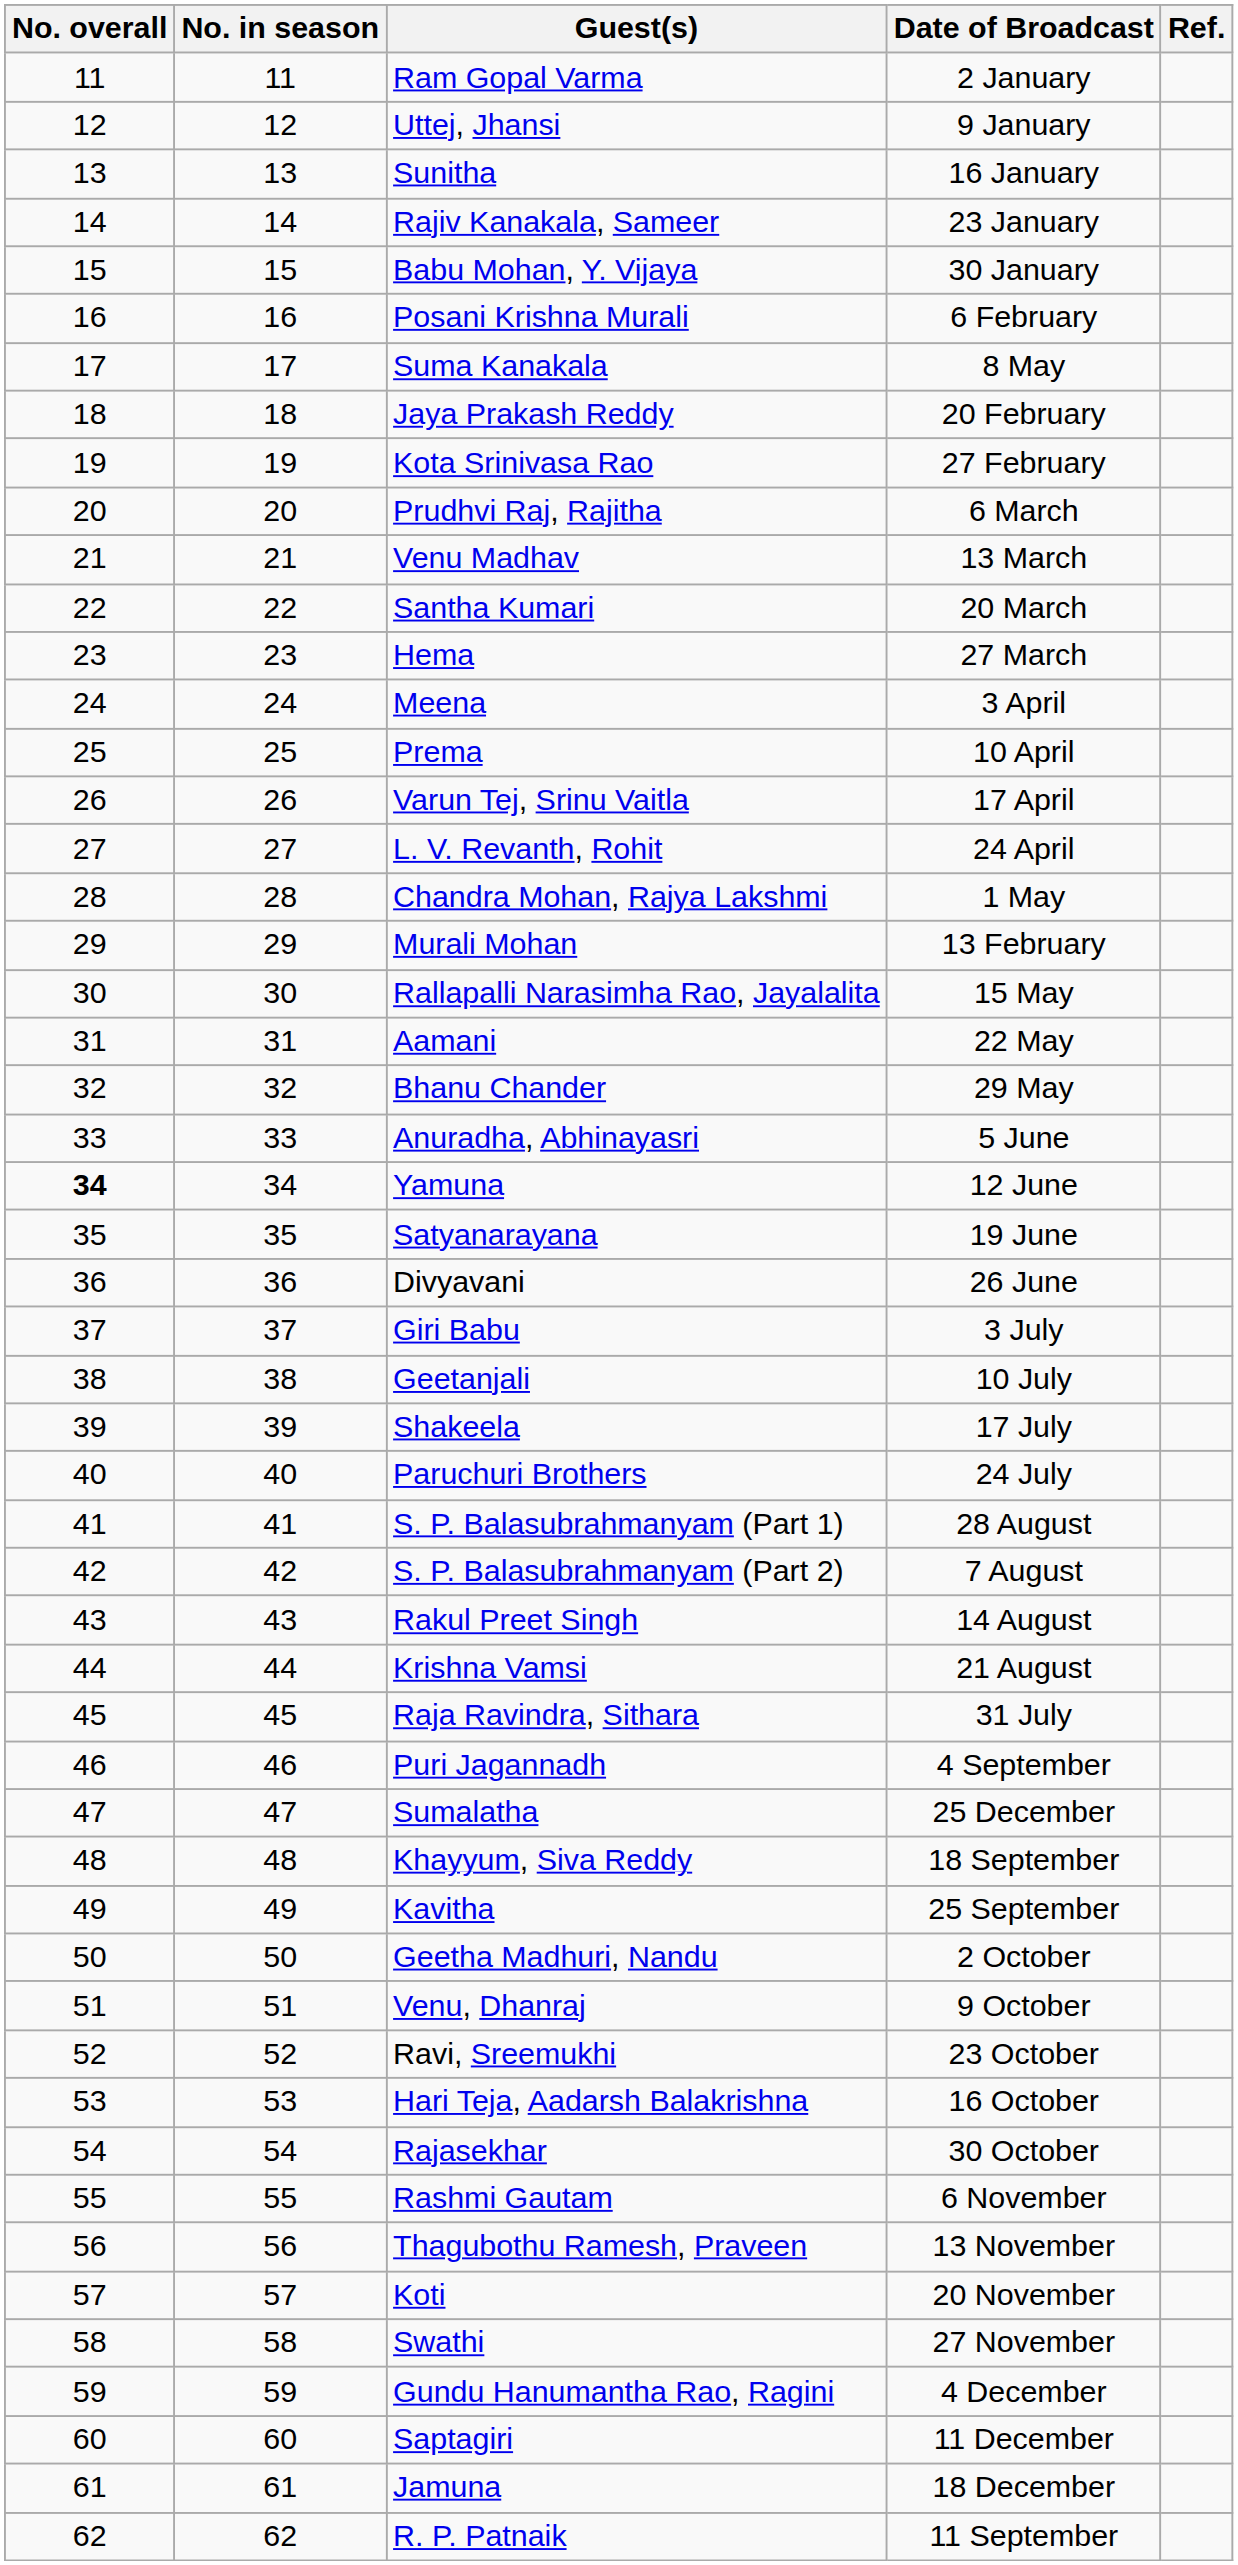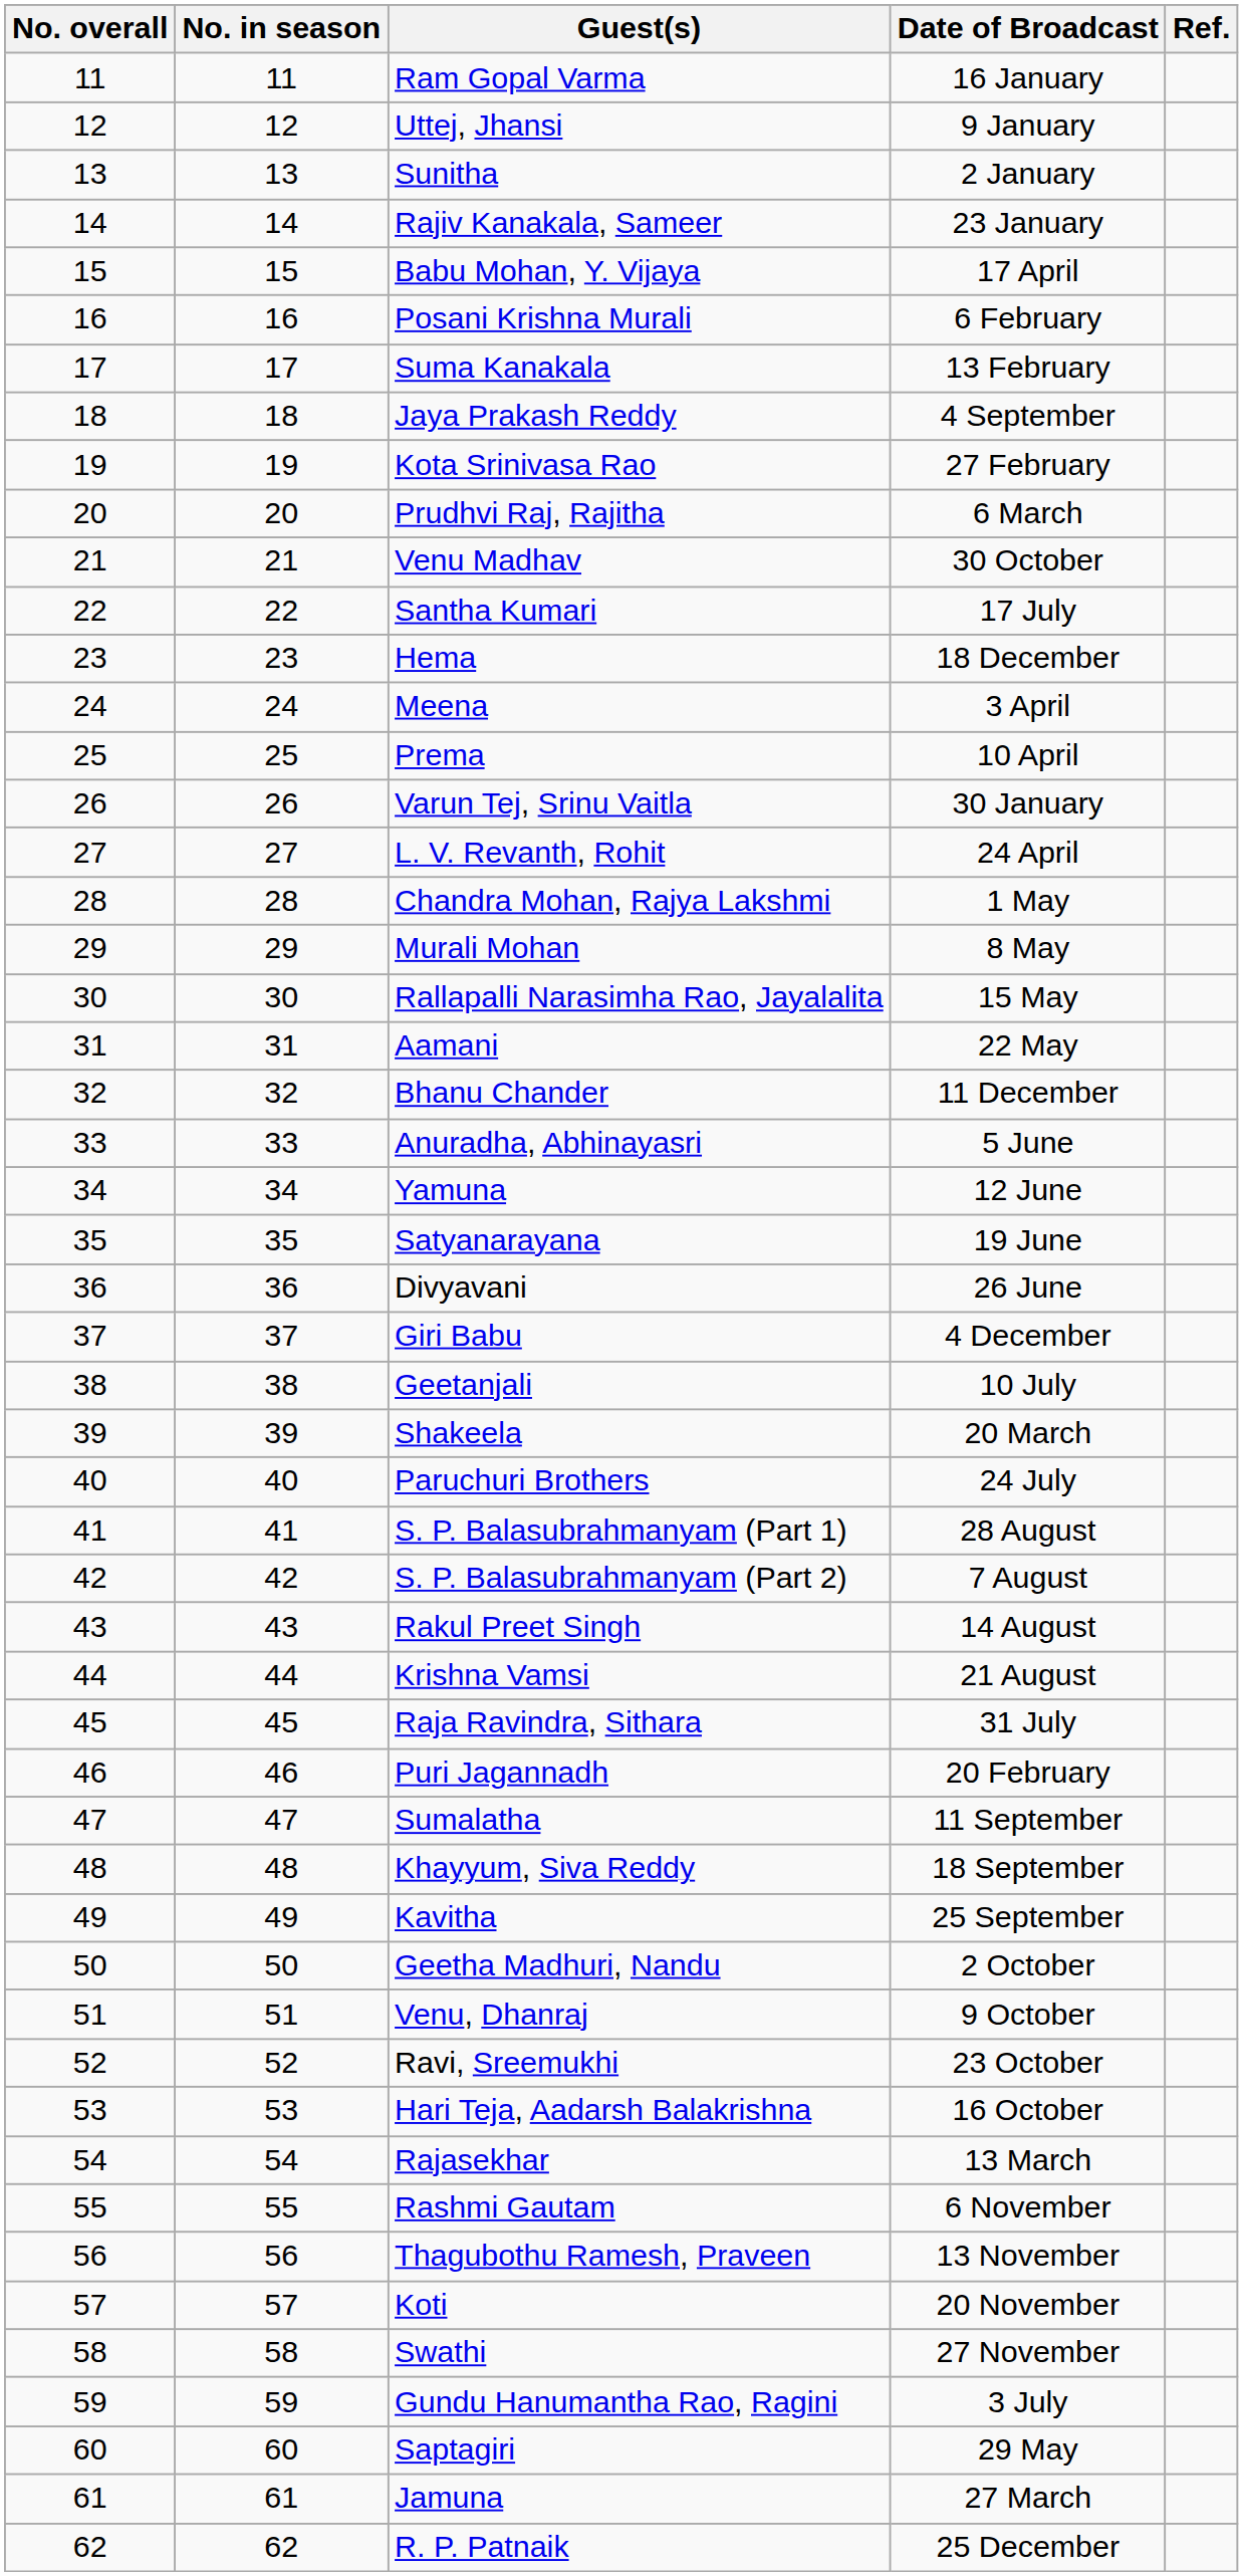 <table class="wikitable sortable">
 <tr>
 <th>No. overall</th>
 <th>No. in season</th>
 <th>Guest(s)</th>
 <th>Date of Broadcast</th>
 <th>Ref.</th>
 </tr>
 <tr>
 <td style="text-align:center;">11</td>
 <td style="text-align:center;">11</td>
 <td><a href='#'>Ram Gopal Varma</a></td>
-<td style="text-align:center;">2 January</td>
+<td style="text-align:center;">16 January</td>
 <td></td>
 </tr>
 <tr>
 <td style="text-align:center;">12</td>
 <td style="text-align:center;">12</td>
 <td><a href='#'>Uttej</a>, <a href='#'>Jhansi</a></td>
 <td style="text-align:center;">9 January</td>
 <td></td>
 </tr>
 <tr>
 <td style="text-align:center;">13</td>
 <td style="text-align:center;">13</td>
 <td><a href='#'>Sunitha</a></td>
-<td style="text-align:center;">16 January</td>
+<td style="text-align:center;">2 January</td>
 <td></td>
 </tr>
 <tr>
 <td style="text-align:center;">14</td>
 <td style="text-align:center;">14</td>
 <td><a href='#'>Rajiv Kanakala</a>, <a href='#'>Sameer</a></td>
 <td style="text-align:center;">23 January</td>
 <td></td>
 </tr>
 <tr>
 <td style="text-align:center;">15</td>
 <td style="text-align:center;">15</td>
 <td><a href='#'>Babu Mohan</a>, <a href='#'>Y. Vijaya</a></td>
-<td style="text-align:center;">30 January</td>
+<td style="text-align:center;">17 April</td>
 <td></td>
 </tr>
 <tr>
 <td style="text-align:center;">16</td>
 <td style="text-align:center;">16</td>
 <td><a href='#'>Posani Krishna Murali</a></td>
 <td style="text-align:center;">6 February</td>
 <td></td>
 </tr>
 <tr>
 <td style="text-align:center;">17</td>
 <td style="text-align:center;">17</td>
 <td><a href='#'>Suma Kanakala</a></td>
-<td style="text-align:center;">8 May</td>
+<td style="text-align:center;">13 February</td>
 <td></td>
 </tr>
 <tr>
 <td style="text-align:center;">18</td>
 <td style="text-align:center;">18</td>
 <td><a href='#'>Jaya Prakash Reddy</a></td>
-<td style="text-align:center;">20 February</td>
+<td style="text-align:center;">4 September</td>
 <td></td>
 </tr>
 <tr>
 <td style="text-align:center;">19</td>
 <td style="text-align:center;">19</td>
 <td><a href='#'>Kota Srinivasa Rao</a></td>
 <td style="text-align:center;">27 February</td>
 <td></td>
 </tr>
 <tr>
 <td style="text-align:center;">20</td>
 <td style="text-align:center;">20</td>
 <td><a href='#'>Prudhvi Raj</a>, <a href='#'>Rajitha</a></td>
 <td style="text-align:center;">6 March</td>
 <td></td>
 </tr>
 <tr>
 <td style="text-align:center;">21</td>
 <td style="text-align:center;">21</td>
 <td><a href='#'>Venu Madhav</a></td>
-<td style="text-align:center;">13 March</td>
+<td style="text-align:center;">30 October</td>
 <td></td>
 </tr>
 <tr>
 <td style="text-align:center;">22</td>
 <td style="text-align:center;">22</td>
 <td><a href='#'>Santha Kumari</a></td>
-<td style="text-align:center;">20 March</td>
+<td style="text-align:center;">17 July</td>
 <td></td>
 </tr>
 <tr>
 <td style="text-align:center;">23</td>
 <td style="text-align:center;">23</td>
 <td><a href='#'>Hema</a></td>
-<td style="text-align:center;">27 March</td>
+<td style="text-align:center;">18 December</td>
 <td></td>
 </tr>
 <tr>
 <td style="text-align:center;">24</td>
 <td style="text-align:center;">24</td>
 <td><a href='#'>Meena</a></td>
 <td style="text-align:center;">3 April</td>
 <td></td>
 </tr>
 <tr>
 <td style="text-align:center;">25</td>
 <td style="text-align:center;">25</td>
 <td><a href='#'>Prema</a></td>
 <td style="text-align:center;">10 April</td>
 <td></td>
 </tr>
 <tr>
 <td style="text-align:center;">26</td>
 <td style="text-align:center;">26</td>
 <td><a href='#'>Varun Tej</a>, <a href='#'>Srinu Vaitla</a></td>
-<td style="text-align:center;">17 April</td>
+<td style="text-align:center;">30 January</td>
 <td></td>
 </tr>
 <tr>
 <td style="text-align:center;">27</td>
 <td style="text-align:center;">27</td>
 <td><a href='#'>L. V. Revanth</a>, <a href='#'>Rohit</a></td>
 <td style="text-align:center;">24 April</td>
 <td></td>
 </tr>
 <tr>
 <td style="text-align:center;">28</td>
 <td style="text-align:center;">28</td>
 <td><a href='#'>Chandra Mohan</a>, <a href='#'>Rajya Lakshmi</a></td>
 <td style="text-align:center;">1 May</td>
 <td></td>
 </tr>
 <tr>
 <td style="text-align:center;">29</td>
 <td style="text-align:center;">29</td>
 <td><a href='#'>Murali Mohan</a></td>
-<td style="text-align:center;">13 February</td>
+<td style="text-align:center;">8 May</td>
 <td></td>
 </tr>
 <tr>
 <td style="text-align:center;">30</td>
 <td style="text-align:center;">30</td>
 <td><a href='#'>Rallapalli Narasimha Rao</a>, <a href='#'>Jayalalita</a></td>
 <td style="text-align:center;">15 May</td>
 <td></td>
 </tr>
 <tr>
 <td style="text-align:center;">31</td>
 <td style="text-align:center;">31</td>
 <td><a href='#'>Aamani</a></td>
 <td style="text-align:center;">22 May</td>
 <td></td>
 </tr>
 <tr>
 <td style="text-align:center;">32</td>
 <td style="text-align:center;">32</td>
 <td><a href='#'>Bhanu Chander</a></td>
-<td style="text-align:center;">29 May</td>
+<td style="text-align:center;">11 December</td>
 <td></td>
 </tr>
 <tr>
 <td style="text-align:center;">33</td>
 <td style="text-align:center;">33</td>
 <td><a href='#'>Anuradha</a>, <a href='#'>Abhinayasri</a></td>
 <td style="text-align:center;">5 June</td>
 <td></td>
 </tr>
 <tr>
-<td style="text-align:center;"><strong>34</strong></td>
+<td style="text-align:center;">34</td>
 <td style="text-align:center;">34</td>
 <td><a href='#'>Yamuna</a></td>
 <td style="text-align:center;">12 June</td>
 <td></td>
 </tr>
 <tr>
 <td style="text-align:center;">35</td>
 <td style="text-align:center;">35</td>
 <td><a href='#'>Satyanarayana</a></td>
 <td style="text-align:center;">19 June</td>
 <td></td>
 </tr>
 <tr>
 <td style="text-align:center;">36</td>
 <td style="text-align:center;">36</td>
 <td>Divyavani</td>
 <td style="text-align:center;">26 June</td>
 <td></td>
 </tr>
 <tr>
 <td style="text-align:center;">37</td>
 <td style="text-align:center;">37</td>
 <td><a href='#'>Giri Babu</a></td>
-<td style="text-align:center;">3 July</td>
+<td style="text-align:center;">4 December</td>
 <td></td>
 </tr>
 <tr>
 <td style="text-align:center;">38</td>
 <td style="text-align:center;">38</td>
 <td><a href='#'>Geetanjali</a></td>
 <td style="text-align:center;">10 July</td>
 <td></td>
 </tr>
 <tr>
 <td style="text-align:center;">39</td>
 <td style="text-align:center;">39</td>
 <td><a href='#'>Shakeela</a></td>
-<td style="text-align:center;">17 July</td>
+<td style="text-align:center;">20 March</td>
 <td></td>
 </tr>
 <tr>
 <td style="text-align:center;">40</td>
 <td style="text-align:center;">40</td>
 <td><a href='#'>Paruchuri Brothers</a></td>
 <td style="text-align:center;">24 July</td>
 <td></td>
 </tr>
 <tr>
 <td style="text-align:center;">41</td>
 <td style="text-align:center;">41</td>
 <td><a href='#'>S. P. Balasubrahmanyam</a> (Part 1)</td>
 <td style="text-align:center;">28 August</td>
 <td></td>
 </tr>
 <tr>
 <td style="text-align:center;">42</td>
 <td style="text-align:center;">42</td>
 <td><a href='#'>S. P. Balasubrahmanyam</a> (Part 2)</td>
 <td style="text-align:center;">7 August</td>
 <td></td>
 </tr>
 <tr>
 <td style="text-align:center;">43</td>
 <td style="text-align:center;">43</td>
 <td><a href='#'>Rakul Preet Singh</a></td>
 <td style="text-align:center;">14 August</td>
 <td></td>
 </tr>
 <tr>
 <td style="text-align:center;">44</td>
 <td style="text-align:center;">44</td>
 <td><a href='#'>Krishna Vamsi</a></td>
 <td style="text-align:center;">21 August</td>
 <td></td>
 </tr>
 <tr>
 <td style="text-align:center;">45</td>
 <td style="text-align:center;">45</td>
 <td><a href='#'>Raja Ravindra</a>, <a href='#'>Sithara</a></td>
 <td style="text-align:center;">31 July</td>
 <td></td>
 </tr>
 <tr>
 <td style="text-align:center;">46</td>
 <td style="text-align:center;">46</td>
 <td><a href='#'>Puri Jagannadh</a></td>
-<td style="text-align:center;">4 September</td>
+<td style="text-align:center;">20 February</td>
 <td></td>
 </tr>
 <tr>
 <td style="text-align:center;">47</td>
 <td style="text-align:center;">47</td>
 <td><a href='#'>Sumalatha</a></td>
-<td style="text-align:center;">25 December</td>
+<td style="text-align:center;">11 September</td>
 <td></td>
 </tr>
 <tr>
 <td style="text-align:center;">48</td>
 <td style="text-align:center;">48</td>
 <td><a href='#'>Khayyum</a>, <a href='#'>Siva Reddy</a></td>
 <td style="text-align:center;">18 September</td>
 <td></td>
 </tr>
 <tr>
 <td style="text-align:center;">49</td>
 <td style="text-align:center;">49</td>
 <td><a href='#'>Kavitha</a></td>
 <td style="text-align:center;">25 September</td>
 <td></td>
 </tr>
 <tr>
 <td style="text-align:center;">50</td>
 <td style="text-align:center;">50</td>
 <td><a href='#'>Geetha Madhuri</a>, <a href='#'>Nandu</a></td>
 <td style="text-align:center;">2 October</td>
 <td></td>
 </tr>
 <tr>
 <td style="text-align:center;">51</td>
 <td style="text-align:center;">51</td>
 <td><a href='#'>Venu</a>, <a href='#'>Dhanraj</a></td>
 <td style="text-align:center;">9 October</td>
 <td></td>
 </tr>
 <tr>
 <td style="text-align:center;">52</td>
 <td style="text-align:center;">52</td>
 <td>Ravi, <a href='#'>Sreemukhi</a></td>
 <td style="text-align:center;">23 October</td>
 <td></td>
 </tr>
 <tr>
 <td style="text-align:center;">53</td>
 <td style="text-align:center;">53</td>
 <td><a href='#'>Hari Teja</a>, <a href='#'>Aadarsh Balakrishna</a></td>
 <td style="text-align:center;">16 October</td>
 <td></td>
 </tr>
 <tr>
 <td style="text-align:center;">54</td>
 <td style="text-align:center;">54</td>
 <td><a href='#'>Rajasekhar</a></td>
-<td style="text-align:center;">30 October</td>
+<td style="text-align:center;">13 March</td>
 <td></td>
 </tr>
 <tr>
 <td style="text-align:center;">55</td>
 <td style="text-align:center;">55</td>
 <td><a href='#'>Rashmi Gautam</a></td>
 <td style="text-align:center;">6 November</td>
 <td></td>
 </tr>
 <tr>
 <td style="text-align:center;">56</td>
 <td style="text-align:center;">56</td>
 <td><a href='#'>Thagubothu Ramesh</a>, <a href='#'>Praveen</a></td>
 <td style="text-align:center;">13 November</td>
 <td></td>
 </tr>
 <tr>
 <td style="text-align:center;">57</td>
 <td style="text-align:center;">57</td>
 <td><a href='#'>Koti</a></td>
 <td style="text-align:center;">20 November</td>
 <td></td>
 </tr>
 <tr>
 <td style="text-align:center;">58</td>
 <td style="text-align:center;">58</td>
 <td><a href='#'>Swathi</a></td>
 <td style="text-align:center;">27 November</td>
 <td></td>
 </tr>
 <tr>
 <td style="text-align:center;">59</td>
 <td style="text-align:center;">59</td>
 <td><a href='#'>Gundu Hanumantha Rao</a>, <a href='#'>Ragini</a></td>
-<td style="text-align:center;">4 December</td>
+<td style="text-align:center;">3 July</td>
 <td></td>
 </tr>
 <tr>
 <td style="text-align:center;">60</td>
 <td style="text-align:center;">60</td>
 <td><a href='#'>Saptagiri</a></td>
-<td style="text-align:center;">11 December</td>
+<td style="text-align:center;">29 May</td>
 <td></td>
 </tr>
 <tr>
 <td style="text-align:center;">61</td>
 <td style="text-align:center;">61</td>
 <td><a href='#'>Jamuna</a></td>
-<td style="text-align:center;">18 December</td>
+<td style="text-align:center;">27 March</td>
 <td></td>
 </tr>
 <tr>
 <td style="text-align:center;">62</td>
 <td style="text-align:center;">62</td>
 <td><a href='#'>R. P. Patnaik</a></td>
-<td style="text-align:center;">11 September</td>
+<td style="text-align:center;">25 December</td>
 <td></td>
 </tr>
 </table>
